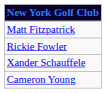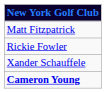 <table class="wikitable">
 <tr>
 <th Style="background:#0A0030;color:#267EFD">New York Golf Club</th>
 </tr>
 <tr>
 <td> <a href='#'>Matt Fitzpatrick</a></td>
 </tr>
 <tr>
 <td> <a href='#'>Rickie Fowler</a></td>
 </tr>
 <tr>
 <td> <a href='#'>Xander Schauffele</a></td>
 </tr>
 <tr>
-<td> <a href='#'>Cameron Young</a></td>
+<td><strong> <a href='#'>Cameron Young</a></strong></td>
 </tr>
 </table>
